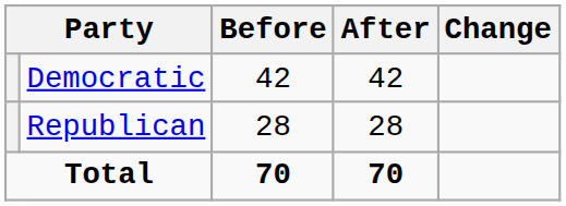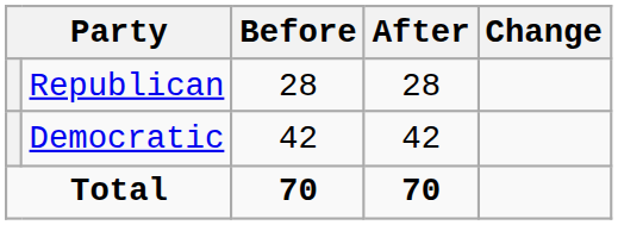 <table class="wikitable" style="text-align:center;">
 <tr>
 <th colspan="2">Party</th>
 <th>Before</th>
 <th>After</th>
 <th>Change</th>
 </tr>
 <tr>
 <th style="background-color:"></th>
-<td style="text-align:left;"><a href='#'>Democratic</a></td>
-<td>42</td>
-<td>42</td>
+<td style="text-align:left;"><a href='#'>Republican</a></td>
+<td>28</td>
+<td>28</td>
 <td></td>
 </tr>
 <tr>
 <th style="background-color:"></th>
-<td style="text-align:left;"><a href='#'>Republican</a></td>
-<td>28</td>
-<td>28</td>
+<td style="text-align:left;"><a href='#'>Democratic</a></td>
+<td>42</td>
+<td>42</td>
 <td></td>
 </tr>
 <tr>
 <td colspan="2"><strong>Total</strong></td>
 <td><strong>70</strong></td>
 <td><strong>70</strong></td>
 <td></td>
 </tr>
 </table>
